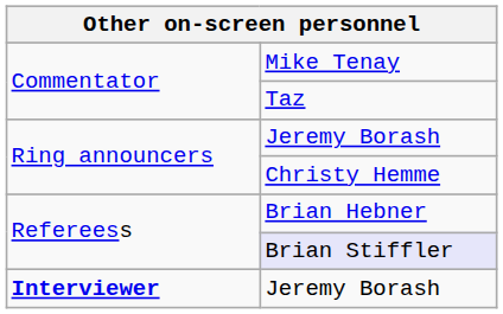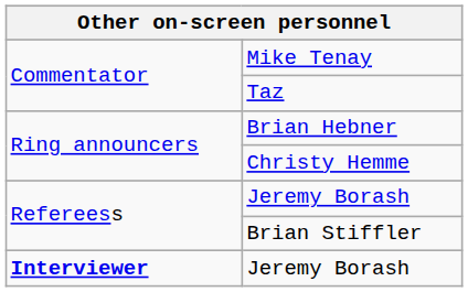 <table align="right" class="wikitable" style="border:1px; font-size:90%; margin-left:1em;">
 <tr>
 <th colspan="2" width="250"><strong>Other on-screen personnel</strong></th>
 </tr>
 <tr>
 <td rowspan=2><a href='#'>Commentator</a></td>
 <td><a href='#'>Mike Tenay</a></td>
 </tr>
 <tr>
 <td><a href='#'>Taz</a></td>
 </tr>
 <tr>
 <td rowspan=2><a href='#'>Ring announcers</a></td>
-<td><a href='#'>Jeremy Borash</a></td>
+<td><a href='#'>Brian Hebner</a></td>
 </tr>
 <tr>
 <td><a href='#'>Christy Hemme</a> </td>
 </tr>
 <tr>
 <td rowspan=2><a href='#'>Referees</a>s</td>
-<td><a href='#'>Brian Hebner</a></td>
+<td><a href='#'>Jeremy Borash</a></td>
 </tr>
 <tr>
-<td style="background: lavender;">Brian Stiffler</td>
+<td>Brian Stiffler</td>
 </tr>
 <tr>
 <td rowspan=1><strong><a href='#'>Interviewer</a></strong></td>
 <td>Jeremy Borash</td>
 </tr>
 <tr>
 </tr>
 </table>
